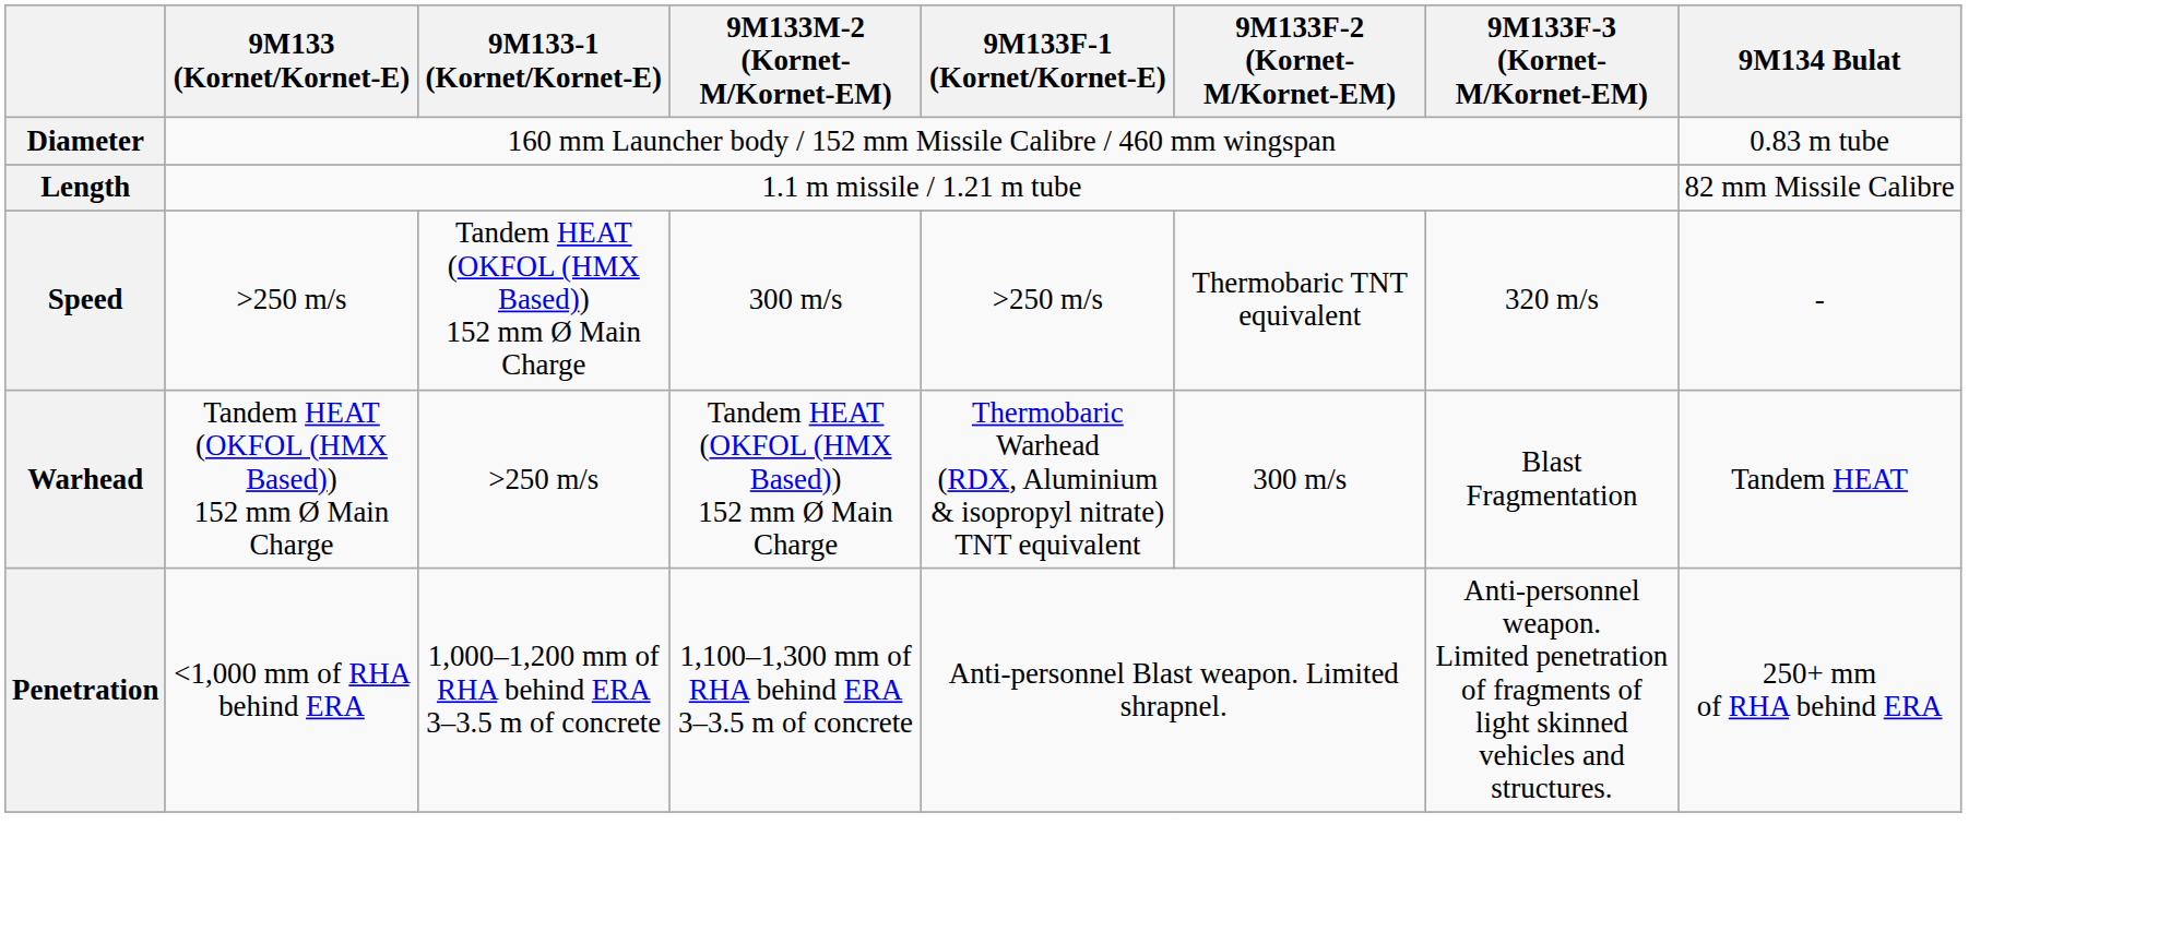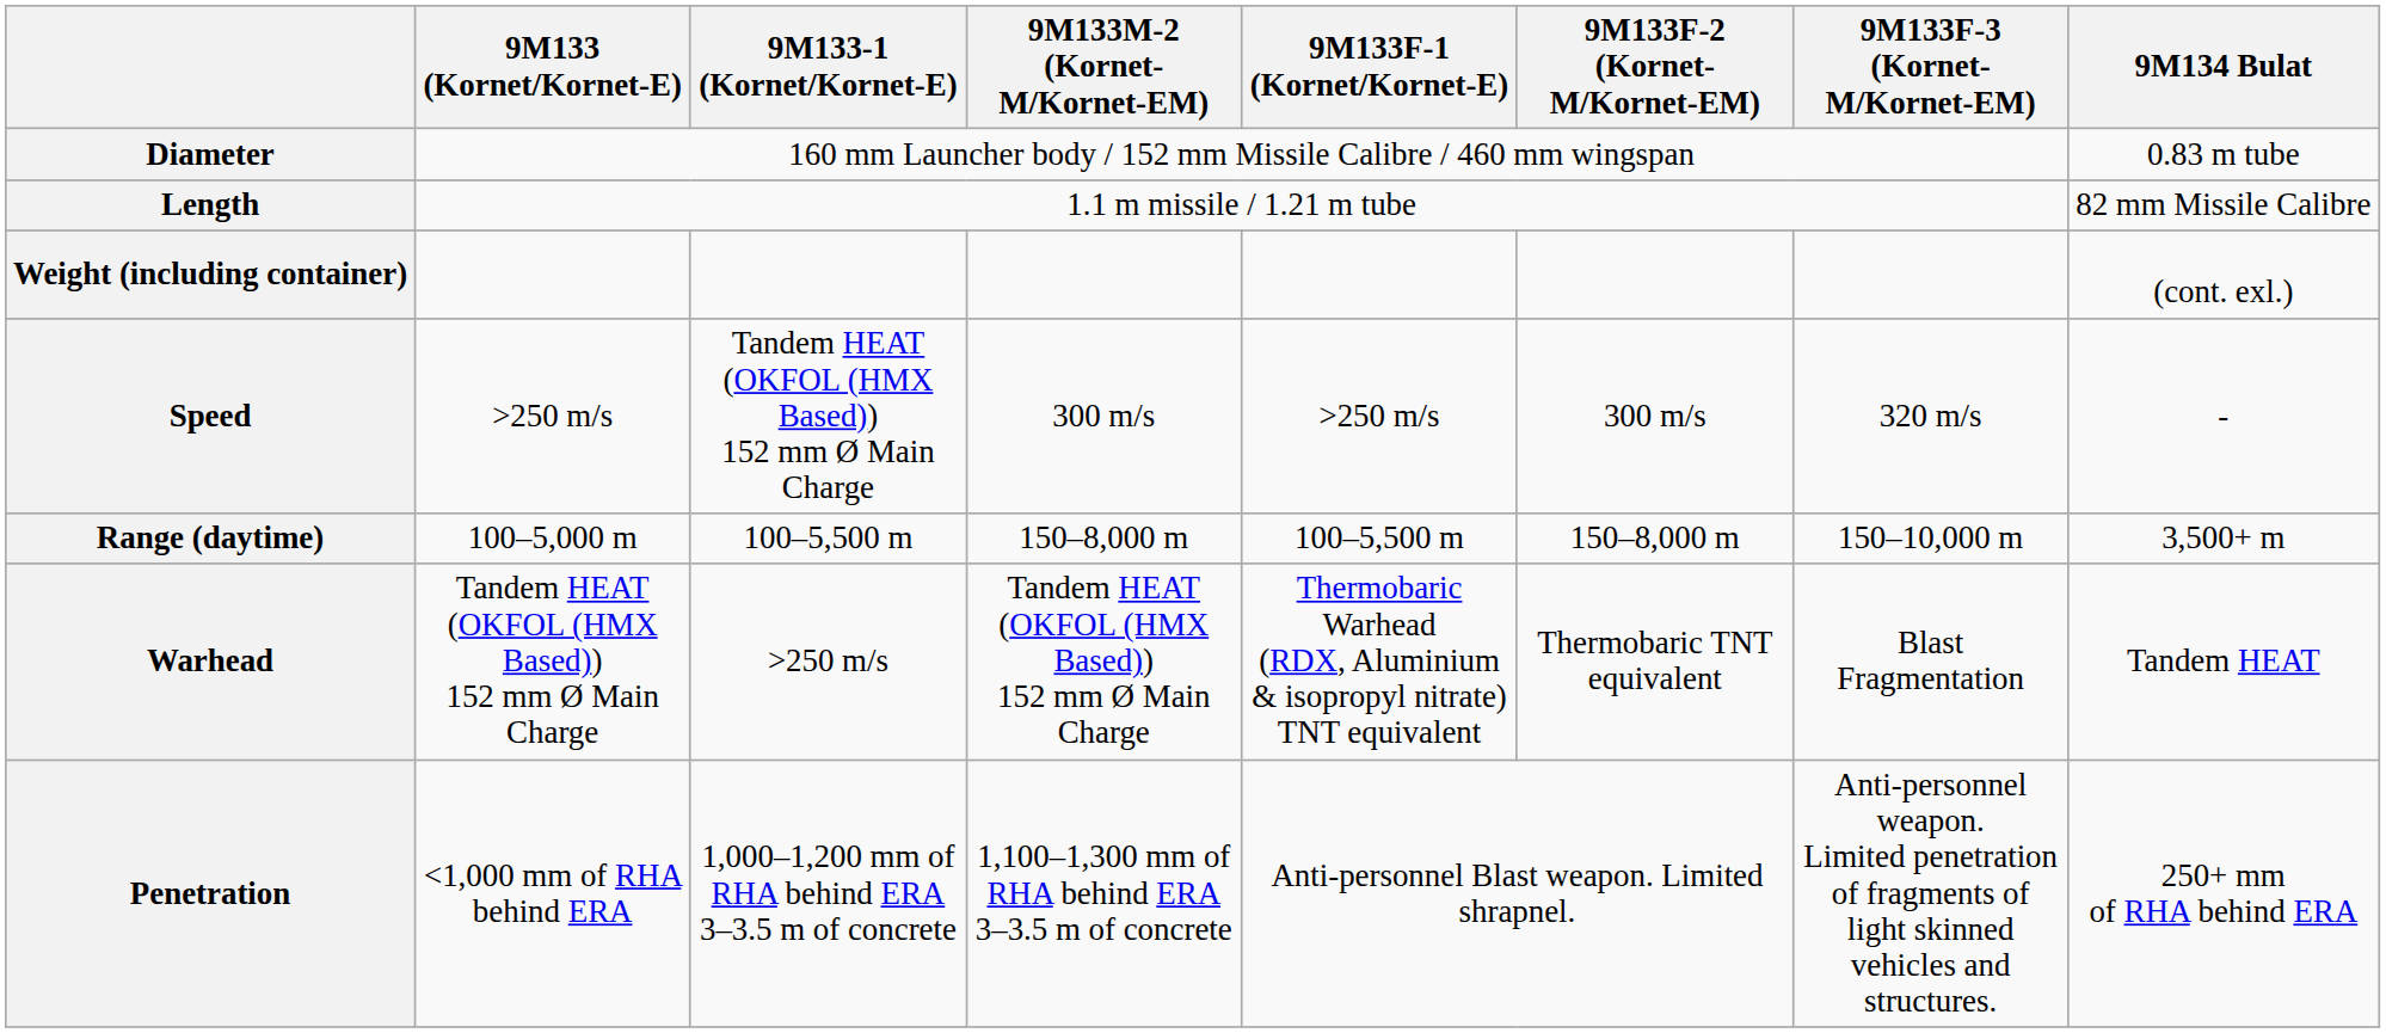 <table class="wikitable" style="text-align:center;">
 <tr>
 <th></th>
 <th style="width:130px;">9M133 (Kornet/Kornet-E)</th>
 <th style="width:130px;">9M133-1 (Kornet/Kornet-E)</th>
 <th style="width:130px;">9M133M-2 (Kornet-M/Kornet-EM)</th>
 <th style="width:130px;">9M133F-1 (Kornet/Kornet-E)</th>
 <th style="width:130px;">9M133F-2 (Kornet-M/Kornet-EM)</th>
 <th style="width:130px;">9M133F-3 (Kornet-M/Kornet-EM)</th>
 <th>9M134 Bulat</th>
 </tr>
 <tr>
 <th>Diameter</th>
 <td colspan="6" style="text-align:center;">160 mm Launcher body / 152 mm Missile Calibre / 460 mm wingspan</td>
 <td>0.83 m tube</td>
 </tr>
 <tr>
 <th>Length</th>
 <td colspan="6" style="text-align:center;">1.1 m missile / 1.21 m tube</td>
 <td>82 mm Missile Calibre</td>
 </tr>
 <tr>
+<th>Weight (including container)</th>
+<td></td>
+<td></td>
+<td></td>
+<td></td>
+<td></td>
+<td></td>
+<td><br>(cont. exl.)</td>
+</tr>
+<tr>
 <th>Speed</th>
 <td>>250 m/s</td>
 <td>Tandem <a href='#'>HEAT</a><br>(<a href='#'>OKFOL (HMX Based)</a>)<br>152 mm Ø Main Charge</td>
 <td>300 m/s</td>
 <td>>250 m/s</td>
-<td>Thermobaric  TNT equivalent</td>
+<td>300 m/s</td>
 <td>320 m/s</td>
 <td>-</td>
+</tr>
+<tr>
+<th>Range (daytime)</th>
+<td>100–5,000 m</td>
+<td>100–5,500 m</td>
+<td>150–8,000 m</td>
+<td>100–5,500 m</td>
+<td>150–8,000 m</td>
+<td>150–10,000 m</td>
+<td>3,500+ m</td>
 </tr>
 <tr>
 <th>Warhead</th>
 <td>Tandem <a href='#'>HEAT</a><br>(<a href='#'>OKFOL (HMX Based)</a>)<br>152 mm Ø Main Charge</td>
 <td>>250 m/s</td>
 <td>Tandem <a href='#'>HEAT</a><br>(<a href='#'>OKFOL (HMX Based)</a>)<br>152 mm Ø Main Charge</td>
 <td><a href='#'>Thermobaric</a> Warhead<br>(<a href='#'>RDX</a>, Aluminium & isopropyl nitrate)<br> TNT equivalent</td>
-<td>300 m/s</td>
+<td>Thermobaric  TNT equivalent</td>
 <td>Blast Fragmentation<br> </td>
 <td>Tandem <a href='#'>HEAT</a><br></td>
 </tr>
 <tr>
 <th>Penetration</th>
 <td><1,000 mm of <a href='#'>RHA</a> behind <a href='#'>ERA</a></td>
 <td>1,000–1,200 mm of <a href='#'>RHA</a> behind <a href='#'>ERA</a><br>3–3.5 m of concrete</td>
 <td>1,100–1,300 mm of <a href='#'>RHA</a> behind <a href='#'>ERA</a><br>3–3.5 m of concrete</td>
 <td colspan="2">Anti-personnel Blast weapon. Limited shrapnel.</td>
 <td>Anti-personnel weapon.<br>Limited penetration of fragments of light skinned vehicles and structures.</td>
 <td>250+ mm<br>of <a href='#'>RHA</a> behind  <a href='#'>ERA</a></td>
 </tr>
 </table>
